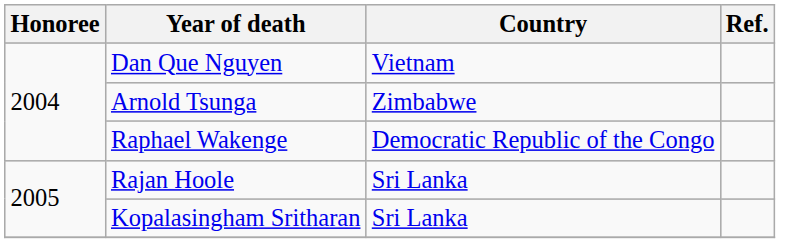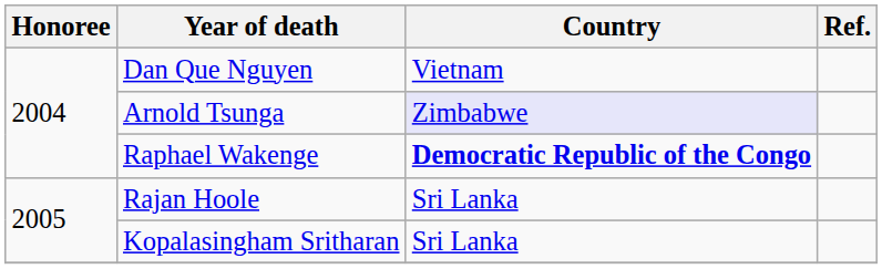 <table class="wikitable" |>
 <tr>
 <th>Honoree</th>
 <th>Year of death</th>
 <th>Country</th>
 <th>Ref.</th>
 </tr>
 <tr>
 <td rowspan="3">2004</td>
 <td><a href='#'>Dan Que Nguyen</a></td>
 <td><a href='#'>Vietnam</a></td>
 <td></td>
 </tr>
 <tr>
 <td><a href='#'>Arnold Tsunga</a></td>
-<td><a href='#'>Zimbabwe</a></td>
+<td style="background: lavender;"><a href='#'>Zimbabwe</a></td>
 <td></td>
 </tr>
 <tr>
 <td><a href='#'>Raphael Wakenge</a></td>
-<td><a href='#'>Democratic Republic of the Congo</a></td>
+<td><strong><a href='#'>Democratic Republic of the Congo</a></strong></td>
 <td></td>
 </tr>
 <tr>
 <td rowspan="2">2005</td>
 <td><a href='#'>Rajan Hoole</a></td>
 <td><a href='#'>Sri Lanka</a></td>
 <td></td>
 </tr>
 <tr>
 <td><a href='#'>Kopalasingham Sritharan</a></td>
 <td><a href='#'>Sri Lanka</a></td>
 <td></td>
 </tr>
 <tr>
 </tr>
 </table>
